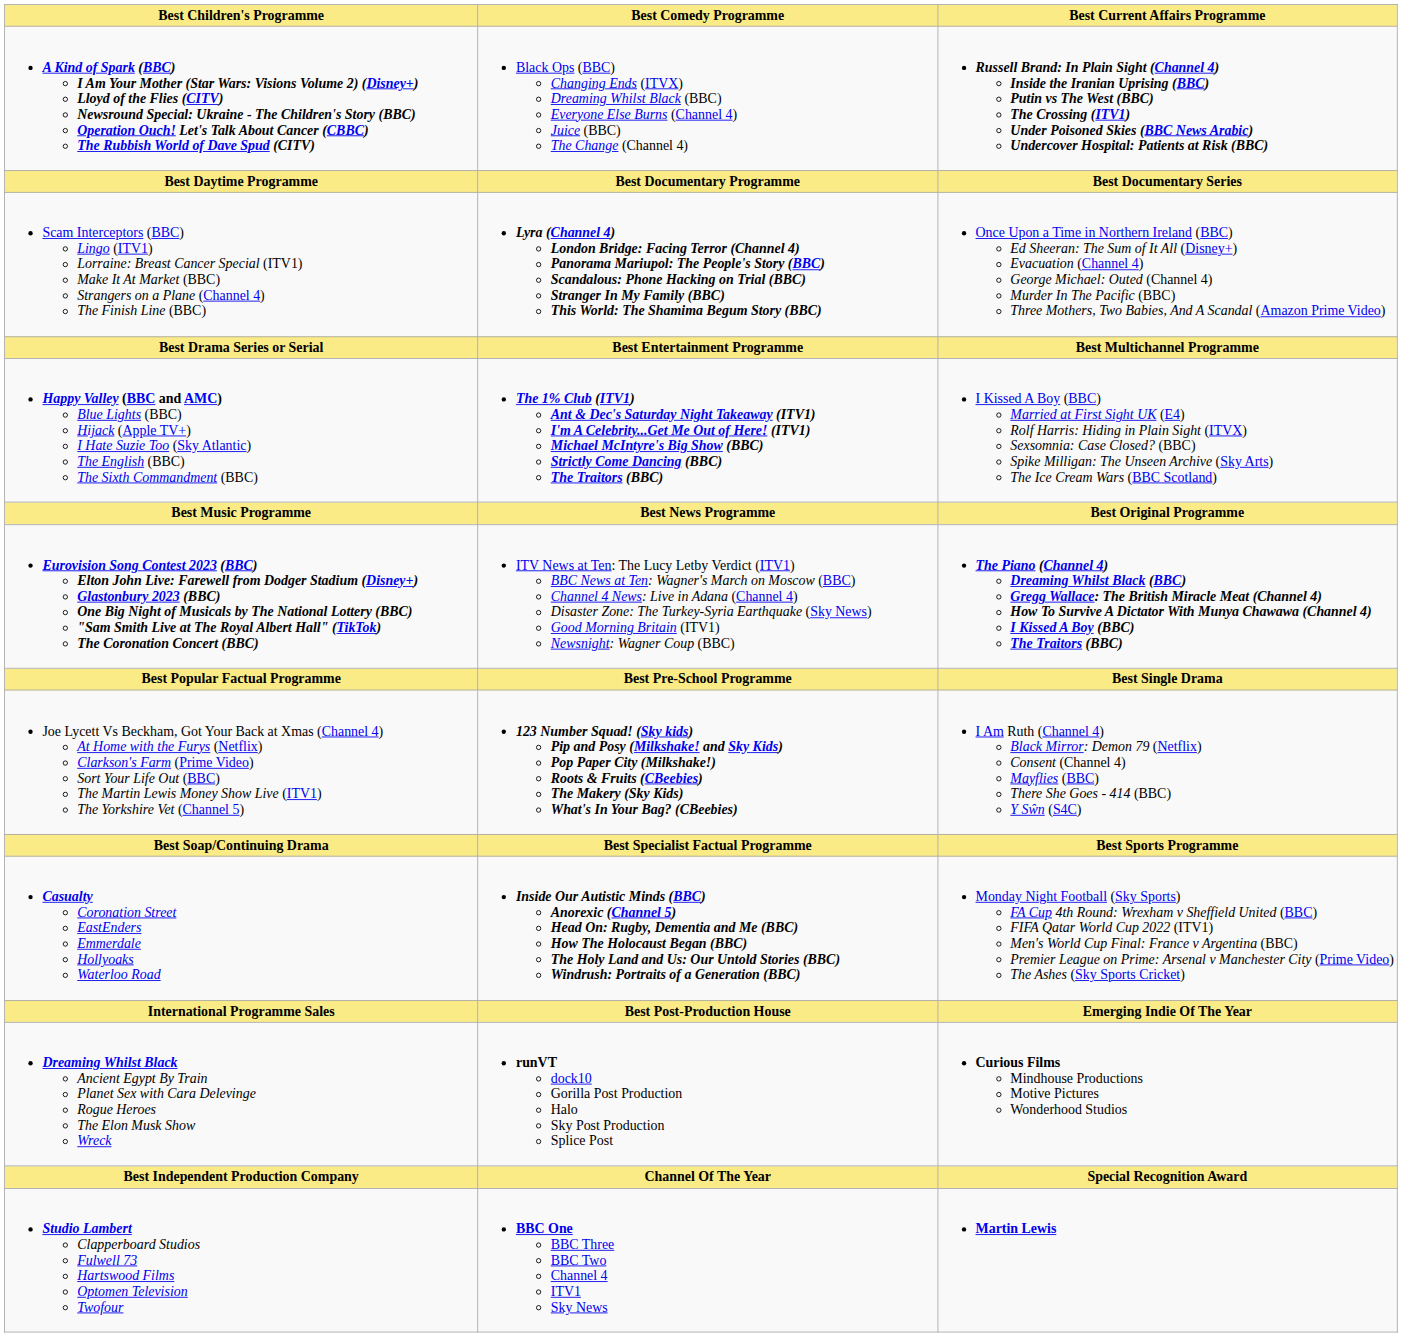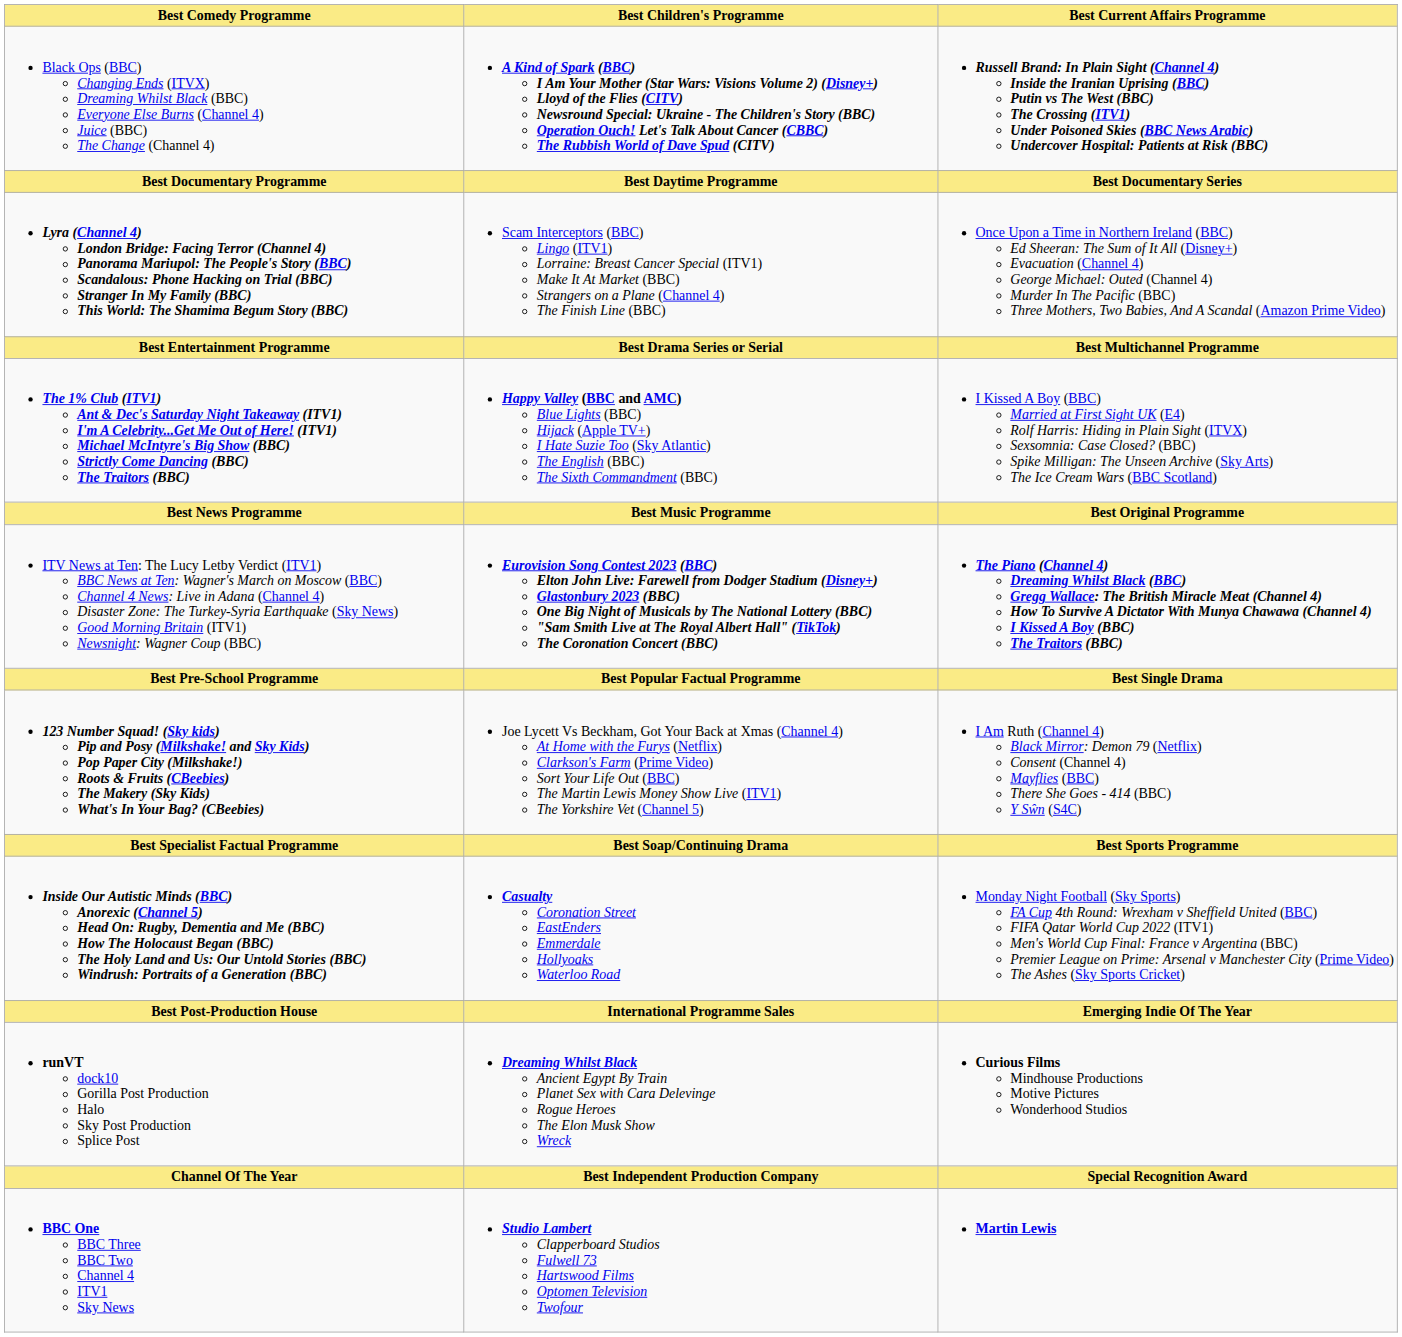 <table class=wikitable style=font-size:100%>
 <tr>
+<th style="background:#FAEB86;" width="33%">Best Comedy Programme</th>
 <th style="background:#FAEB86;" width="34%">Best Children's Programme</th>
-<th style="background:#FAEB86;" width="33%">Best Comedy Programme</th>
 <th style="background:#FAEB86;" width="33%">Best Current Affairs Programme</th>
 </tr>
 <tr>
+<td valign="top"><br><ul><li></em></strong><a href='#'>Black Ops</a></em> (<a href='#'>BBC</a>)</strong><ul><li><em><a href='#'>Changing Ends</a></em> (<a href='#'>ITVX</a>)</li><li><em><a href='#'>Dreaming Whilst Black</a></em> (BBC)</li><li><em><a href='#'>Everyone Else Burns</a></em> (<a href='#'>Channel 4</a>)</li><li><em><a href='#'>Juice</a></em> (BBC)</li><li><em><a href='#'>The Change</a></em> (Channel 4)</li></ul></li></ul></td>
 <td valign="top"><br><ul><li><strong><em><a href='#'>A Kind of Spark</a><em> (<a href='#'>BBC</a>)<strong><ul><li></em>I Am Your Mother<em> (</em>Star Wars: Visions Volume 2<em>) (<a href='#'>Disney+</a>)</li><li></em>Lloyd of the Flies<em> (<a href='#'>CITV</a>)</li><li></em>Newsround Special: Ukraine - The Children's Story<em> (BBC)</li><li></em><a href='#'>Operation Ouch!</a> Let's Talk About Cancer<em> (<a href='#'>CBBC</a>)</li><li></em><a href='#'>The Rubbish World of Dave Spud</a><em> (CITV)</li></ul></li></ul></td>
-<td valign="top"><br><ul><li></em></strong><a href='#'>Black Ops</a></em> (<a href='#'>BBC</a>)</strong><ul><li><em><a href='#'>Changing Ends</a></em> (<a href='#'>ITVX</a>)</li><li><em><a href='#'>Dreaming Whilst Black</a></em> (BBC)</li><li><em><a href='#'>Everyone Else Burns</a></em> (<a href='#'>Channel 4</a>)</li><li><em><a href='#'>Juice</a></em> (BBC)</li><li><em><a href='#'>The Change</a></em> (Channel 4)</li></ul></li></ul></td>
 <td valign="top"><br><ul><li><strong><em>Russell Brand: In Plain Sight<em> (<a href='#'>Channel 4</a>)<strong><ul><li></em>Inside the Iranian Uprising<em> (<a href='#'>BBC</a>)</li><li></em>Putin vs The West<em> (BBC)</li><li></em>The Crossing<em> (<a href='#'>ITV1</a>)</li><li></em>Under Poisoned Skies<em> (<a href='#'>BBC News Arabic</a>)</li><li></em>Undercover Hospital: Patients at Risk<em> (BBC)</li></ul></li></ul></td>
 </tr>
 <tr>
+<th style="background:#FAEB86;" width="33%">Best Documentary Programme</th>
 <th style="background:#FAEB86;" width="34%">Best Daytime Programme</th>
-<th style="background:#FAEB86;" width="33%">Best Documentary Programme</th>
 <th style="background:#FAEB86;" width="33%">Best Documentary Series</th>
 </tr>
 <tr>
+<td valign="top"><br><ul><li><strong><em>Lyra<em> (<a href='#'>Channel 4</a>)<strong><ul><li></em>London Bridge: Facing Terror<em> (Channel 4)</li><li></em>Panorama Mariupol: The People's Story<em> (<a href='#'>BBC</a>)</li><li></em>Scandalous: Phone Hacking on Trial<em> (BBC)</li><li></em>Stranger In My Family<em> (BBC)</li><li></em>This World: The Shamima Begum Story<em> (BBC)</li></ul></li></ul></td>
 <td valign="top"><br><ul><li></em></strong><a href='#'>Scam Interceptors</a></em> (<a href='#'>BBC</a>)</strong><ul><li><em><a href='#'>Lingo</a></em> (<a href='#'>ITV1</a>)</li><li><em>Lorraine: Breast Cancer Special</em> (ITV1)</li><li><em>Make It At Market</em> (BBC)</li><li><em>Strangers on a Plane</em> (<a href='#'>Channel 4</a>)</li><li><em>The Finish Line</em> (BBC)</li></ul></li></ul></td>
-<td valign="top"><br><ul><li><strong><em>Lyra<em> (<a href='#'>Channel 4</a>)<strong><ul><li></em>London Bridge: Facing Terror<em> (Channel 4)</li><li></em>Panorama Mariupol: The People's Story<em> (<a href='#'>BBC</a>)</li><li></em>Scandalous: Phone Hacking on Trial<em> (BBC)</li><li></em>Stranger In My Family<em> (BBC)</li><li></em>This World: The Shamima Begum Story<em> (BBC)</li></ul></li></ul></td>
 <td valign="top"><br><ul><li></em></strong><a href='#'>Once Upon a Time in Northern Ireland</a></em> (<a href='#'>BBC</a>)</strong><ul><li><em>Ed Sheeran: The Sum of It All</em> (<a href='#'>Disney+</a>)</li><li><em>Evacuation</em> (<a href='#'>Channel 4</a>)</li><li><em>George Michael: Outed</em> (Channel 4)</li><li><em>Murder In The Pacific</em> (BBC)</li><li><em>Three Mothers, Two Babies, And A Scandal</em> (<a href='#'>Amazon Prime Video</a>)</li></ul></li></ul></td>
 </tr>
 <tr>
+<th style="background:#FAEB86;" width="33%">Best Entertainment Programme</th>
 <th style="background:#FAEB86;" width="34%">Best Drama Series or Serial</th>
-<th style="background:#FAEB86;" width="33%">Best Entertainment Programme</th>
 <th style="background:#FAEB86;" width="33%">Best Multichannel Programme</th>
 </tr>
 <tr>
+<td valign="top"><br><ul><li><strong><em><a href='#'>The 1% Club</a><em> (<a href='#'>ITV1</a>)<strong><ul><li></em><a href='#'>Ant & Dec's Saturday Night Takeaway</a><em> (ITV1)</li><li></em><a href='#'>I'm A Celebrity...Get Me Out of Here!</a><em> (ITV1)</li><li></em><a href='#'>Michael McIntyre's Big Show</a><em> (BBC)</li><li></em><a href='#'>Strictly Come Dancing</a><em> (BBC)</li><li></em><a href='#'>The Traitors</a><em> (BBC)</li></ul></li></ul></td>
 <td valign="top"><br><ul><li><strong><em><a href='#'>Happy Valley</a></em></strong> <strong>(<a href='#'>BBC</a> and <a href='#'>AMC</a>)</strong><ul><li><em><a href='#'>Blue Lights</a></em> (BBC)</li><li><em><a href='#'>Hijack</a></em> (<a href='#'>Apple TV+</a>)</li><li><em><a href='#'>I Hate Suzie Too</a></em> (<a href='#'>Sky Atlantic</a>)</li><li><em><a href='#'>The English</a></em> (BBC)</li><li><em><a href='#'>The Sixth Commandment</a></em> (BBC)</li></ul></li></ul></td>
-<td valign="top"><br><ul><li><strong><em><a href='#'>The 1% Club</a><em> (<a href='#'>ITV1</a>)<strong><ul><li></em><a href='#'>Ant & Dec's Saturday Night Takeaway</a><em> (ITV1)</li><li></em><a href='#'>I'm A Celebrity...Get Me Out of Here!</a><em> (ITV1)</li><li></em><a href='#'>Michael McIntyre's Big Show</a><em> (BBC)</li><li></em><a href='#'>Strictly Come Dancing</a><em> (BBC)</li><li></em><a href='#'>The Traitors</a><em> (BBC)</li></ul></li></ul></td>
 <td valign="top"><br><ul><li></em></strong><a href='#'>I Kissed A Boy</a></em> (<a href='#'>BBC</a>)</strong><ul><li><em><a href='#'>Married at First Sight UK</a></em> (<a href='#'>E4</a>)</li><li><em>Rolf Harris: Hiding in Plain Sight</em> (<a href='#'>ITVX</a>)</li><li><em>Sexsomnia: Case Closed?</em> (BBC)</li><li><em>Spike Milligan: The Unseen Archive</em> (<a href='#'>Sky Arts</a>)</li><li><em>The Ice Cream Wars</em> (<a href='#'>BBC Scotland</a>)</li></ul></li></ul></td>
 </tr>
 <tr>
+<th style="background:#FAEB86;" width="33%">Best News Programme</th>
 <th style="background:#FAEB86;" width="34%">Best Music Programme</th>
-<th style="background:#FAEB86;" width="33%">Best News Programme</th>
 <th style="background:#FAEB86;" width="33%">Best Original Programme</th>
 </tr>
 <tr>
+<td valign="top"><br><ul><li></em></strong><a href='#'>ITV News at Ten</a>: The Lucy Letby Verdict</em> (<a href='#'>ITV1</a>)</strong><ul><li><em><a href='#'>BBC News at Ten</a>: Wagner's March on Moscow</em> (<a href='#'>BBC</a>)</li><li><em><a href='#'>Channel 4 News</a>: Live in Adana</em> (<a href='#'>Channel 4</a>)</li><li><em>Disaster Zone: The Turkey-Syria Earthquake</em> (<a href='#'>Sky News</a>)</li><li><em><a href='#'>Good Morning Britain</a></em> (ITV1)</li><li><em><a href='#'>Newsnight</a>: Wagner Coup</em> (BBC)</li></ul></li></ul></td>
 <td valign="top"><br><ul><li><strong><em><a href='#'>Eurovision Song Contest 2023</a><em> (<a href='#'>BBC</a>)<strong><ul><li></em>Elton John Live: Farewell from Dodger Stadium<em> (<a href='#'>Disney+</a>)</li><li></em><a href='#'>Glastonbury 2023</a><em> (BBC)</li><li></em>One Big Night of Musicals by The National Lottery<em> (BBC)</li><li>"Sam Smith Live at The Royal Albert Hall" (<a href='#'>TikTok</a>)</li><li></em>The Coronation Concert<em> (BBC)</li></ul></li></ul></td>
-<td valign="top"><br><ul><li></em></strong><a href='#'>ITV News at Ten</a>: The Lucy Letby Verdict</em> (<a href='#'>ITV1</a>)</strong><ul><li><em><a href='#'>BBC News at Ten</a>: Wagner's March on Moscow</em> (<a href='#'>BBC</a>)</li><li><em><a href='#'>Channel 4 News</a>: Live in Adana</em> (<a href='#'>Channel 4</a>)</li><li><em>Disaster Zone: The Turkey-Syria Earthquake</em> (<a href='#'>Sky News</a>)</li><li><em><a href='#'>Good Morning Britain</a></em> (ITV1)</li><li><em><a href='#'>Newsnight</a>: Wagner Coup</em> (BBC)</li></ul></li></ul></td>
 <td valign="top"><br><ul><li><strong><em><a href='#'>The Piano</a><em> (<a href='#'>Channel 4</a>)<strong><ul><li></em><a href='#'>Dreaming Whilst Black</a><em> (<a href='#'>BBC</a>)</li><li></em><a href='#'>Gregg Wallace</a>: The British Miracle Meat<em> (Channel 4)</li><li></em>How To Survive A Dictator With Munya Chawawa<em> (Channel 4)</li><li></em><a href='#'>I Kissed A Boy</a><em> (BBC)</li><li></em><a href='#'>The Traitors</a><em> (BBC)</li></ul></li></ul></td>
 </tr>
 <tr>
+<th style="background:#FAEB86;" width="33%">Best Pre-School Programme</th>
 <th style="background:#FAEB86;" width="34%">Best Popular Factual Programme</th>
-<th style="background:#FAEB86;" width="33%">Best Pre-School Programme</th>
 <th style="background:#FAEB86;" width="33%">Best Single Drama</th>
 </tr>
 <tr>
+<td valign="top"><br><ul><li><strong><em>123 Number Squad!<em> (<a href='#'>Sky kids</a>)<strong><ul><li></em>Pip and Posy<em> (<a href='#'>Milkshake!</a> and <a href='#'>Sky Kids</a>)</li><li></em>Pop Paper City<em> (Milkshake!)</li><li></em>Roots & Fruits<em> (<a href='#'>CBeebies</a>)</li><li></em>The Makery<em> (Sky Kids)</li><li></em>What's In Your Bag?<em> (CBeebies)</li></ul></li></ul></td>
 <td valign="top"><br><ul><li></em></strong>Joe Lycett Vs Beckham, Got Your Back at Xmas</em> (<a href='#'>Channel 4</a>)</strong><ul><li><em><a href='#'>At Home with the Furys</a></em> (<a href='#'>Netflix</a>)</li><li><em><a href='#'>Clarkson's Farm</a></em> (<a href='#'>Prime Video</a>)</li><li><em>Sort Your Life Out</em> (<a href='#'>BBC</a>)</li><li><em>The Martin Lewis Money Show Live</em> (<a href='#'>ITV1</a>)</li><li><em>The Yorkshire Vet</em> (<a href='#'>Channel 5</a>)</li></ul></li></ul></td>
-<td valign="top"><br><ul><li><strong><em>123 Number Squad!<em> (<a href='#'>Sky kids</a>)<strong><ul><li></em>Pip and Posy<em> (<a href='#'>Milkshake!</a> and <a href='#'>Sky Kids</a>)</li><li></em>Pop Paper City<em> (Milkshake!)</li><li></em>Roots & Fruits<em> (<a href='#'>CBeebies</a>)</li><li></em>The Makery<em> (Sky Kids)</li><li></em>What's In Your Bag?<em> (CBeebies)</li></ul></li></ul></td>
 <td valign="top"><br><ul><li></em></strong><a href='#'>I Am</a> Ruth</em> (<a href='#'>Channel 4</a>)</strong><ul><li><em><a href='#'>Black Mirror</a>: Demon 79</em> (<a href='#'>Netflix</a>)</li><li><em>Consent</em> (Channel 4)</li><li><em><a href='#'>Mayflies</a></em> (<a href='#'>BBC</a>)</li><li><em>There She Goes - 414</em> (BBC)</li><li><em><a href='#'>Y Sŵn</a></em> (<a href='#'>S4C</a>)</li></ul></li></ul></td>
 </tr>
 <tr>
+<th style="background:#FAEB86;" width="33%">Best Specialist Factual Programme</th>
 <th style="background:#FAEB86;" width="34%">Best Soap/Continuing Drama</th>
-<th style="background:#FAEB86;" width="33%">Best Specialist Factual Programme</th>
 <th style="background:#FAEB86;" width="33%">Best Sports Programme</th>
 </tr>
 <tr>
+<td valign="top"><br><ul><li><strong><em>Inside Our Autistic Minds<em> (<a href='#'>BBC</a>)<strong><ul><li></em>Anorexic<em> (<a href='#'>Channel 5</a>)</li><li></em>Head On: Rugby, Dementia and Me<em> (BBC)</li><li></em>How The Holocaust Began<em> (BBC)</li><li></em>The Holy Land and Us: Our Untold Stories<em> (BBC)</li><li></em>Windrush: Portraits of a Generation<em> (BBC)</li></ul></li></ul></td>
 <td valign="top"><br><ul><li><strong><em><a href='#'>Casualty</a></em></strong><ul><li><em><a href='#'>Coronation Street</a></em></li><li><em><a href='#'>EastEnders</a></em></li><li><em><a href='#'>Emmerdale</a></em></li><li><em><a href='#'>Hollyoaks</a></em></li><li><em><a href='#'>Waterloo Road</a></em></li></ul></li></ul></td>
-<td valign="top"><br><ul><li><strong><em>Inside Our Autistic Minds<em> (<a href='#'>BBC</a>)<strong><ul><li></em>Anorexic<em> (<a href='#'>Channel 5</a>)</li><li></em>Head On: Rugby, Dementia and Me<em> (BBC)</li><li></em>How The Holocaust Began<em> (BBC)</li><li></em>The Holy Land and Us: Our Untold Stories<em> (BBC)</li><li></em>Windrush: Portraits of a Generation<em> (BBC)</li></ul></li></ul></td>
 <td valign="top"><br><ul><li></em></strong><a href='#'>Monday Night Football</a></em> (<a href='#'>Sky Sports</a>)</strong><ul><li><em><a href='#'>FA Cup</a> 4th Round: Wrexham v Sheffield United</em> (<a href='#'>BBC</a>)</li><li><em>FIFA Qatar World Cup 2022</em> (ITV1)</li><li><em>Men's World Cup Final: France v Argentina</em> (BBC)</li><li><em>Premier League on Prime: Arsenal v Manchester City</em> (<a href='#'>Prime Video</a>)</li><li><em>The Ashes</em> (<a href='#'>Sky Sports Cricket</a>)</li></ul></li></ul></td>
 </tr>
 <tr>
+<th style="background:#FAEB86;" width="33%">Best Post-Production House</th>
 <th style="background:#FAEB86;" width="33%">International Programme Sales</th>
-<th style="background:#FAEB86;" width="33%">Best Post-Production House</th>
 <th style="background:#FAEB86;" width="33%">Emerging Indie Of The Year</th>
 </tr>
 <tr>
+<td valign="top"><br><ul><li><strong>runVT</strong><ul><li><a href='#'>dock10</a></li><li>Gorilla Post Production</li><li>Halo</li><li>Sky Post Production</li><li>Splice Post</li></ul></li></ul></td>
 <td valign="top"><br><ul><li><strong><em><a href='#'>Dreaming Whilst Black</a></em></strong><ul><li><em>Ancient Egypt By Train</em></li><li><em>Planet Sex with Cara Delevinge</em></li><li><em>Rogue Heroes</em></li><li><em>The Elon Musk Show</em></li><li><em><a href='#'>Wreck</a></em></li></ul></li></ul></td>
-<td valign="top"><br><ul><li><strong>runVT</strong><ul><li><a href='#'>dock10</a></li><li>Gorilla Post Production</li><li>Halo</li><li>Sky Post Production</li><li>Splice Post</li></ul></li></ul></td>
 <td valign="top"><br><ul><li><strong>Curious Films</strong><ul><li>Mindhouse Productions</li><li>Motive Pictures</li><li>Wonderhood Studios</li></ul></li></ul></td>
 </tr>
 <tr>
+<th style="background:#FAEB86;" width="33%">Channel Of The Year</th>
 <th style="background:#FAEB86;" width="33%">Best Independent Production Company</th>
-<th style="background:#FAEB86;" width="33%">Channel Of The Year</th>
 <th style="background:#FAEB86;" width="33%">Special Recognition Award</th>
 </tr>
 <tr>
+<td valign="top"><br><ul><li><strong><a href='#'>BBC One</a></strong><ul><li><a href='#'>BBC Three</a></li><li><a href='#'>BBC Two</a></li><li><a href='#'>Channel 4</a></li><li><a href='#'>ITV1</a></li><li><a href='#'>Sky News</a></li></ul></li></ul></td>
 <td valign="top"><br><ul><li><strong><em><a href='#'>Studio Lambert</a></em></strong><ul><li><em>Clapperboard Studios</em></li><li><em><a href='#'>Fulwell 73</a></em></li><li><em><a href='#'>Hartswood Films</a></em></li><li><em><a href='#'>Optomen Television</a></em></li><li><em><a href='#'>Twofour</a></em></li></ul></li></ul></td>
-<td valign="top"><br><ul><li><strong><a href='#'>BBC One</a></strong><ul><li><a href='#'>BBC Three</a></li><li><a href='#'>BBC Two</a></li><li><a href='#'>Channel 4</a></li><li><a href='#'>ITV1</a></li><li><a href='#'>Sky News</a></li></ul></li></ul></td>
 <td valign="top"><br><ul><li><strong><a href='#'>Martin Lewis</a></strong></li></ul></td>
 </tr>
 </table>
